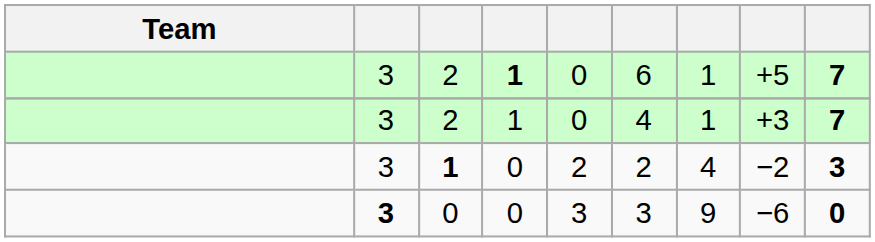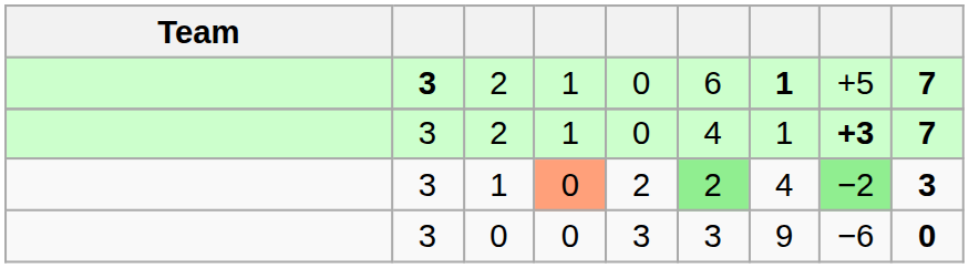 <table class="wikitable" style="text-align: center; font-size: 90%;">
 <tr>
 <th width="165">Team</th>
 <th width="25"></th>
 <th width="25"></th>
 <th width="25"></th>
 <th width="25"></th>
 <th width="25"></th>
 <th width="25"></th>
 <th width="25"></th>
 <th width="25"></th>
 </tr>
 <tr style="background:#ccffcc;">
 <td align=left></td>
-<td>3</td>
+<td><strong>3</strong></td>
 <td>2</td>
-<td><strong>1</strong></td>
+<td>1</td>
 <td>0</td>
 <td>6</td>
-<td>1</td>
+<td><strong>1</strong></td>
 <td>+5</td>
 <td><strong>7</strong></td>
 </tr>
 <tr>
 </tr>
 <tr style="background:#ccffcc;">
 <td align=left></td>
 <td>3</td>
 <td>2</td>
 <td>1</td>
 <td>0</td>
 <td>4</td>
 <td>1</td>
-<td>+3</td>
+<td><strong>+3</strong></td>
 <td><strong>7</strong></td>
 </tr>
 <tr>
 <td align=left></td>
 <td>3</td>
-<td><strong>1</strong></td>
-<td>0</td>
+<td>1</td>
+<td style="background: lightsalmon;">0</td>
 <td>2</td>
-<td>2</td>
+<td style="background: lightgreen;">2</td>
 <td>4</td>
-<td>−2</td>
+<td style="background: lightgreen;">−2</td>
 <td><strong>3</strong></td>
 </tr>
 <tr>
 <td align=left></td>
-<td><strong>3</strong></td>
+<td>3</td>
 <td>0</td>
 <td>0</td>
 <td>3</td>
 <td>3</td>
 <td>9</td>
 <td>−6</td>
 <td><strong>0</strong></td>
 </tr>
 </table>
